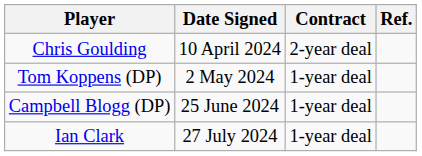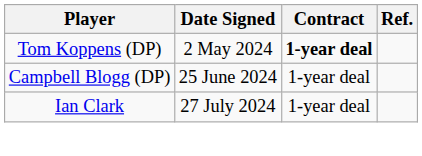 <table class="wikitable sortable sortable" style="text-align: center">
 <tr>
 <th>Player</th>
 <th>Date Signed</th>
 <th>Contract</th>
 <th>Ref.</th>
 </tr>
 <tr>
-<td><a href='#'>Chris Goulding</a></td>
-<td>10 April 2024</td>
-<td>2-year deal</td>
-<td></td>
-</tr>
-<tr>
 <td><a href='#'>Tom Koppens</a> (DP)</td>
 <td>2 May 2024</td>
-<td>1-year deal</td>
+<td><strong>1-year deal</strong></td>
 <td></td>
 </tr>
 <tr>
 <td><a href='#'>Campbell Blogg</a> (DP)</td>
 <td>25 June 2024</td>
 <td>1-year deal</td>
 <td></td>
 </tr>
 <tr>
 <td><a href='#'>Ian Clark</a></td>
 <td>27 July 2024</td>
 <td>1-year deal</td>
 <td></td>
 </tr>
 </table>
